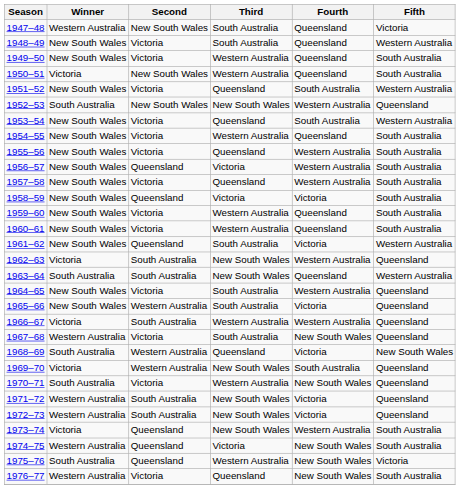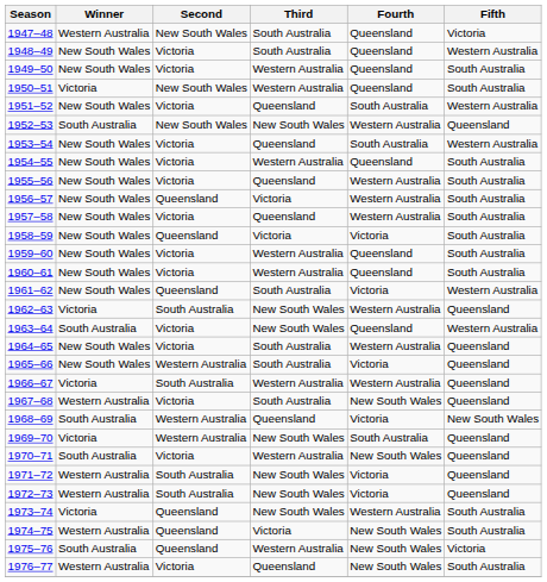 <table class="wikitable">
 <tr style="background:#efefef;">
 <th>Season</th>
 <th>Winner</th>
 <th>Second</th>
 <th>Third</th>
 <th>Fourth</th>
 <th>Fifth</th>
 </tr>
 <tr>
 <td><a href='#'>1947–48</a></td>
 <td style="background-color:#">Western Australia</td>
 <td style="background-color:#">New South Wales</td>
 <td style="background-color:#">South Australia</td>
 <td style="background-color:#">Queensland</td>
 <td style="background-color:#">Victoria</td>
 </tr>
 <tr>
 <td><a href='#'>1948–49</a></td>
 <td style="background-color:#">New South Wales</td>
 <td style="background-color:#">Victoria</td>
 <td style="background-color:#">South Australia</td>
 <td style="background-color:#">Queensland</td>
 <td style="background-color:#">Western Australia</td>
 </tr>
 <tr>
 <td><a href='#'>1949–50</a></td>
 <td style="background-color:#">New South Wales</td>
 <td style="background-color:#">Victoria</td>
 <td style="background-color:#">Western Australia</td>
 <td style="background-color:#">Queensland</td>
 <td style="background-color:#">South Australia</td>
 </tr>
 <tr>
 <td><a href='#'>1950–51</a></td>
 <td style="background-color:#">Victoria</td>
 <td style="background-color:#">New South Wales</td>
 <td style="background-color:#">Western Australia</td>
 <td style="background-color:#">Queensland</td>
 <td style="background-color:#">South Australia</td>
 </tr>
 <tr>
 <td><a href='#'>1951–52</a></td>
 <td style="background-color:#">New South Wales</td>
 <td style="background-color:#">Victoria</td>
 <td style="background-color:#">Queensland</td>
 <td style="background-color:#">South Australia</td>
 <td style="background-color:#">Western Australia</td>
 </tr>
 <tr>
 <td><a href='#'>1952–53</a></td>
 <td style="background-color:#">South Australia</td>
 <td style="background-color:#">New South Wales</td>
 <td style="background-color:#">New South Wales</td>
 <td style="background-color:#">Western Australia</td>
 <td style="background-color:#">Queensland</td>
 </tr>
 <tr>
 <td><a href='#'>1953–54</a></td>
 <td style="background-color:#">New South Wales</td>
 <td style="background-color:#">Victoria</td>
 <td style="background-color:#">Queensland</td>
 <td style="background-color:#">South Australia</td>
 <td style="background-color:#">Western Australia</td>
 </tr>
 <tr>
 <td><a href='#'>1954–55</a></td>
 <td style="background-color:#">New South Wales</td>
 <td style="background-color:#">Victoria</td>
 <td style="background-color:#">Western Australia</td>
 <td style="background-color:#">Queensland</td>
 <td style="background-color:#">South Australia</td>
 </tr>
 <tr>
 <td><a href='#'>1955–56</a></td>
 <td style="background-color:#">New South Wales</td>
 <td style="background-color:#">Victoria</td>
 <td style="background-color:#">Queensland</td>
 <td style="background-color:#">Western Australia</td>
 <td style="background-color:#">South Australia</td>
 </tr>
 <tr>
 <td><a href='#'>1956–57</a></td>
 <td style="background-color:#">New South Wales</td>
 <td style="background-color:#">Queensland</td>
 <td style="background-color:#">Victoria</td>
 <td style="background-color:#">Western Australia</td>
 <td style="background-color:#">South Australia</td>
 </tr>
 <tr>
 <td><a href='#'>1957–58</a></td>
 <td style="background-color:#">New South Wales</td>
 <td style="background-color:#">Victoria</td>
 <td style="background-color:#">Queensland</td>
 <td style="background-color:#">Western Australia</td>
 <td style="background-color:#">South Australia</td>
 </tr>
 <tr>
 <td><a href='#'>1958–59</a></td>
 <td style="background-color:#">New South Wales</td>
 <td style="background-color:#">Queensland</td>
 <td style="background-color:#">Victoria</td>
 <td style="background-color:#">Victoria</td>
 <td style="background-color:#">South Australia</td>
 </tr>
 <tr>
 <td><a href='#'>1959–60</a></td>
 <td style="background-color:#">New South Wales</td>
 <td style="background-color:#">Victoria</td>
 <td style="background-color:#">Western Australia</td>
 <td style="background-color:#">Queensland</td>
 <td style="background-color:#">South Australia</td>
 </tr>
 <tr>
 <td><a href='#'>1960–61</a></td>
 <td style="background-color:#">New South Wales</td>
 <td style="background-color:#">Victoria</td>
 <td style="background-color:#">Western Australia</td>
 <td style="background-color:#">Queensland</td>
 <td style="background-color:#">South Australia</td>
 </tr>
 <tr>
 <td><a href='#'>1961–62</a></td>
 <td style="background-color:#">New South Wales</td>
 <td style="background-color:#">Queensland</td>
 <td style="background-color:#">South Australia</td>
 <td style="background-color:#">Victoria</td>
 <td style="background-color:#">Western Australia</td>
 </tr>
 <tr>
 <td><a href='#'>1962–63</a></td>
 <td style="background-color:#">Victoria</td>
 <td style="background-color:#">South Australia</td>
 <td style="background-color:#">New South Wales</td>
 <td style="background-color:#">Western Australia</td>
 <td style="background-color:#">Queensland</td>
 </tr>
 <tr>
 <td><a href='#'>1963–64</a></td>
 <td style="background-color:#">South Australia</td>
-<td style="background-color:#">South Australia</td>
+<td style="background-color:#">Victoria</td>
 <td style="background-color:#">New South Wales</td>
 <td style="background-color:#">Queensland</td>
 <td style="background-color:#">Western Australia</td>
 </tr>
 <tr>
 <td><a href='#'>1964–65</a></td>
 <td style="background-color:#">New South Wales</td>
 <td style="background-color:#">Victoria</td>
 <td style="background-color:#">South Australia</td>
 <td style="background-color:#">Western Australia</td>
 <td style="background-color:#">Queensland</td>
 </tr>
 <tr>
 <td><a href='#'>1965–66</a></td>
 <td style="background-color:#">New South Wales</td>
 <td style="background-color:#">Western Australia</td>
 <td style="background-color:#">South Australia</td>
 <td style="background-color:#">Victoria</td>
 <td style="background-color:#">Queensland</td>
 </tr>
 <tr>
 <td><a href='#'>1966–67</a></td>
 <td style="background-color:#">Victoria</td>
 <td style="background-color:#">South Australia</td>
 <td style="background-color:#">Western Australia</td>
 <td style="background-color:#">Western Australia</td>
 <td style="background-color:#">Queensland</td>
 </tr>
 <tr>
 <td><a href='#'>1967–68</a></td>
 <td style="background-color:#">Western Australia</td>
 <td style="background-color:#">Victoria</td>
 <td style="background-color:#">South Australia</td>
 <td style="background-color:#">New South Wales</td>
 <td style="background-color:#">Queensland</td>
 </tr>
 <tr>
 <td><a href='#'>1968–69</a></td>
 <td style="background-color:#">South Australia</td>
 <td style="background-color:#">Western Australia</td>
 <td style="background-color:#">Queensland</td>
 <td style="background-color:#">Victoria</td>
 <td style="background-color:#">New South Wales</td>
 </tr>
 <tr>
 <td><a href='#'>1969–70</a></td>
 <td style="background-color:#">Victoria</td>
 <td style="background-color:#">Western Australia</td>
 <td style="background-color:#">New South Wales</td>
 <td style="background-color:#">South Australia</td>
 <td style="background-color:#">Queensland</td>
 </tr>
 <tr>
 <td><a href='#'>1970–71</a></td>
 <td style="background-color:#">South Australia</td>
 <td style="background-color:#">Victoria</td>
 <td style="background-color:#">Western Australia</td>
 <td style="background-color:#">New South Wales</td>
 <td style="background-color:#">Queensland</td>
 </tr>
 <tr>
 <td><a href='#'>1971–72</a></td>
 <td style="background-color:#">Western Australia</td>
 <td style="background-color:#">South Australia</td>
 <td style="background-color:#">New South Wales</td>
 <td style="background-color:#">Victoria</td>
 <td style="background-color:#">Queensland</td>
 </tr>
 <tr>
 <td><a href='#'>1972–73</a></td>
 <td style="background-color:#">Western Australia</td>
 <td style="background-color:#">South Australia</td>
 <td style="background-color:#">New South Wales</td>
 <td style="background-color:#">Victoria</td>
 <td style="background-color:#">Queensland</td>
 </tr>
 <tr>
 <td><a href='#'>1973–74</a></td>
 <td style="background-color:#">Victoria</td>
 <td style="background-color:#">Queensland</td>
 <td style="background-color:#">New South Wales</td>
 <td style="background-color:#">Western Australia</td>
 <td style="background-color:#">South Australia</td>
 </tr>
 <tr>
 <td><a href='#'>1974–75</a></td>
 <td style="background-color:#">Western Australia</td>
 <td style="background-color:#">Queensland</td>
 <td style="background-color:#">Victoria</td>
 <td style="background-color:#">New South Wales</td>
 <td style="background-color:#">South Australia</td>
 </tr>
 <tr>
 <td><a href='#'>1975–76</a></td>
 <td style="background-color:#">South Australia</td>
 <td style="background-color:#">Queensland</td>
 <td style="background-color:#">Western Australia</td>
 <td style="background-color:#">New South Wales</td>
 <td style="background-color:#">Victoria</td>
 </tr>
 <tr>
 <td><a href='#'>1976–77</a></td>
 <td style="background-color:#">Western Australia</td>
 <td style="background-color:#">Victoria</td>
 <td style="background-color:#">Queensland</td>
 <td style="background-color:#">New South Wales</td>
 <td style="background-color:#">South Australia</td>
 </tr>
 <tr>
 </tr>
 </table>
